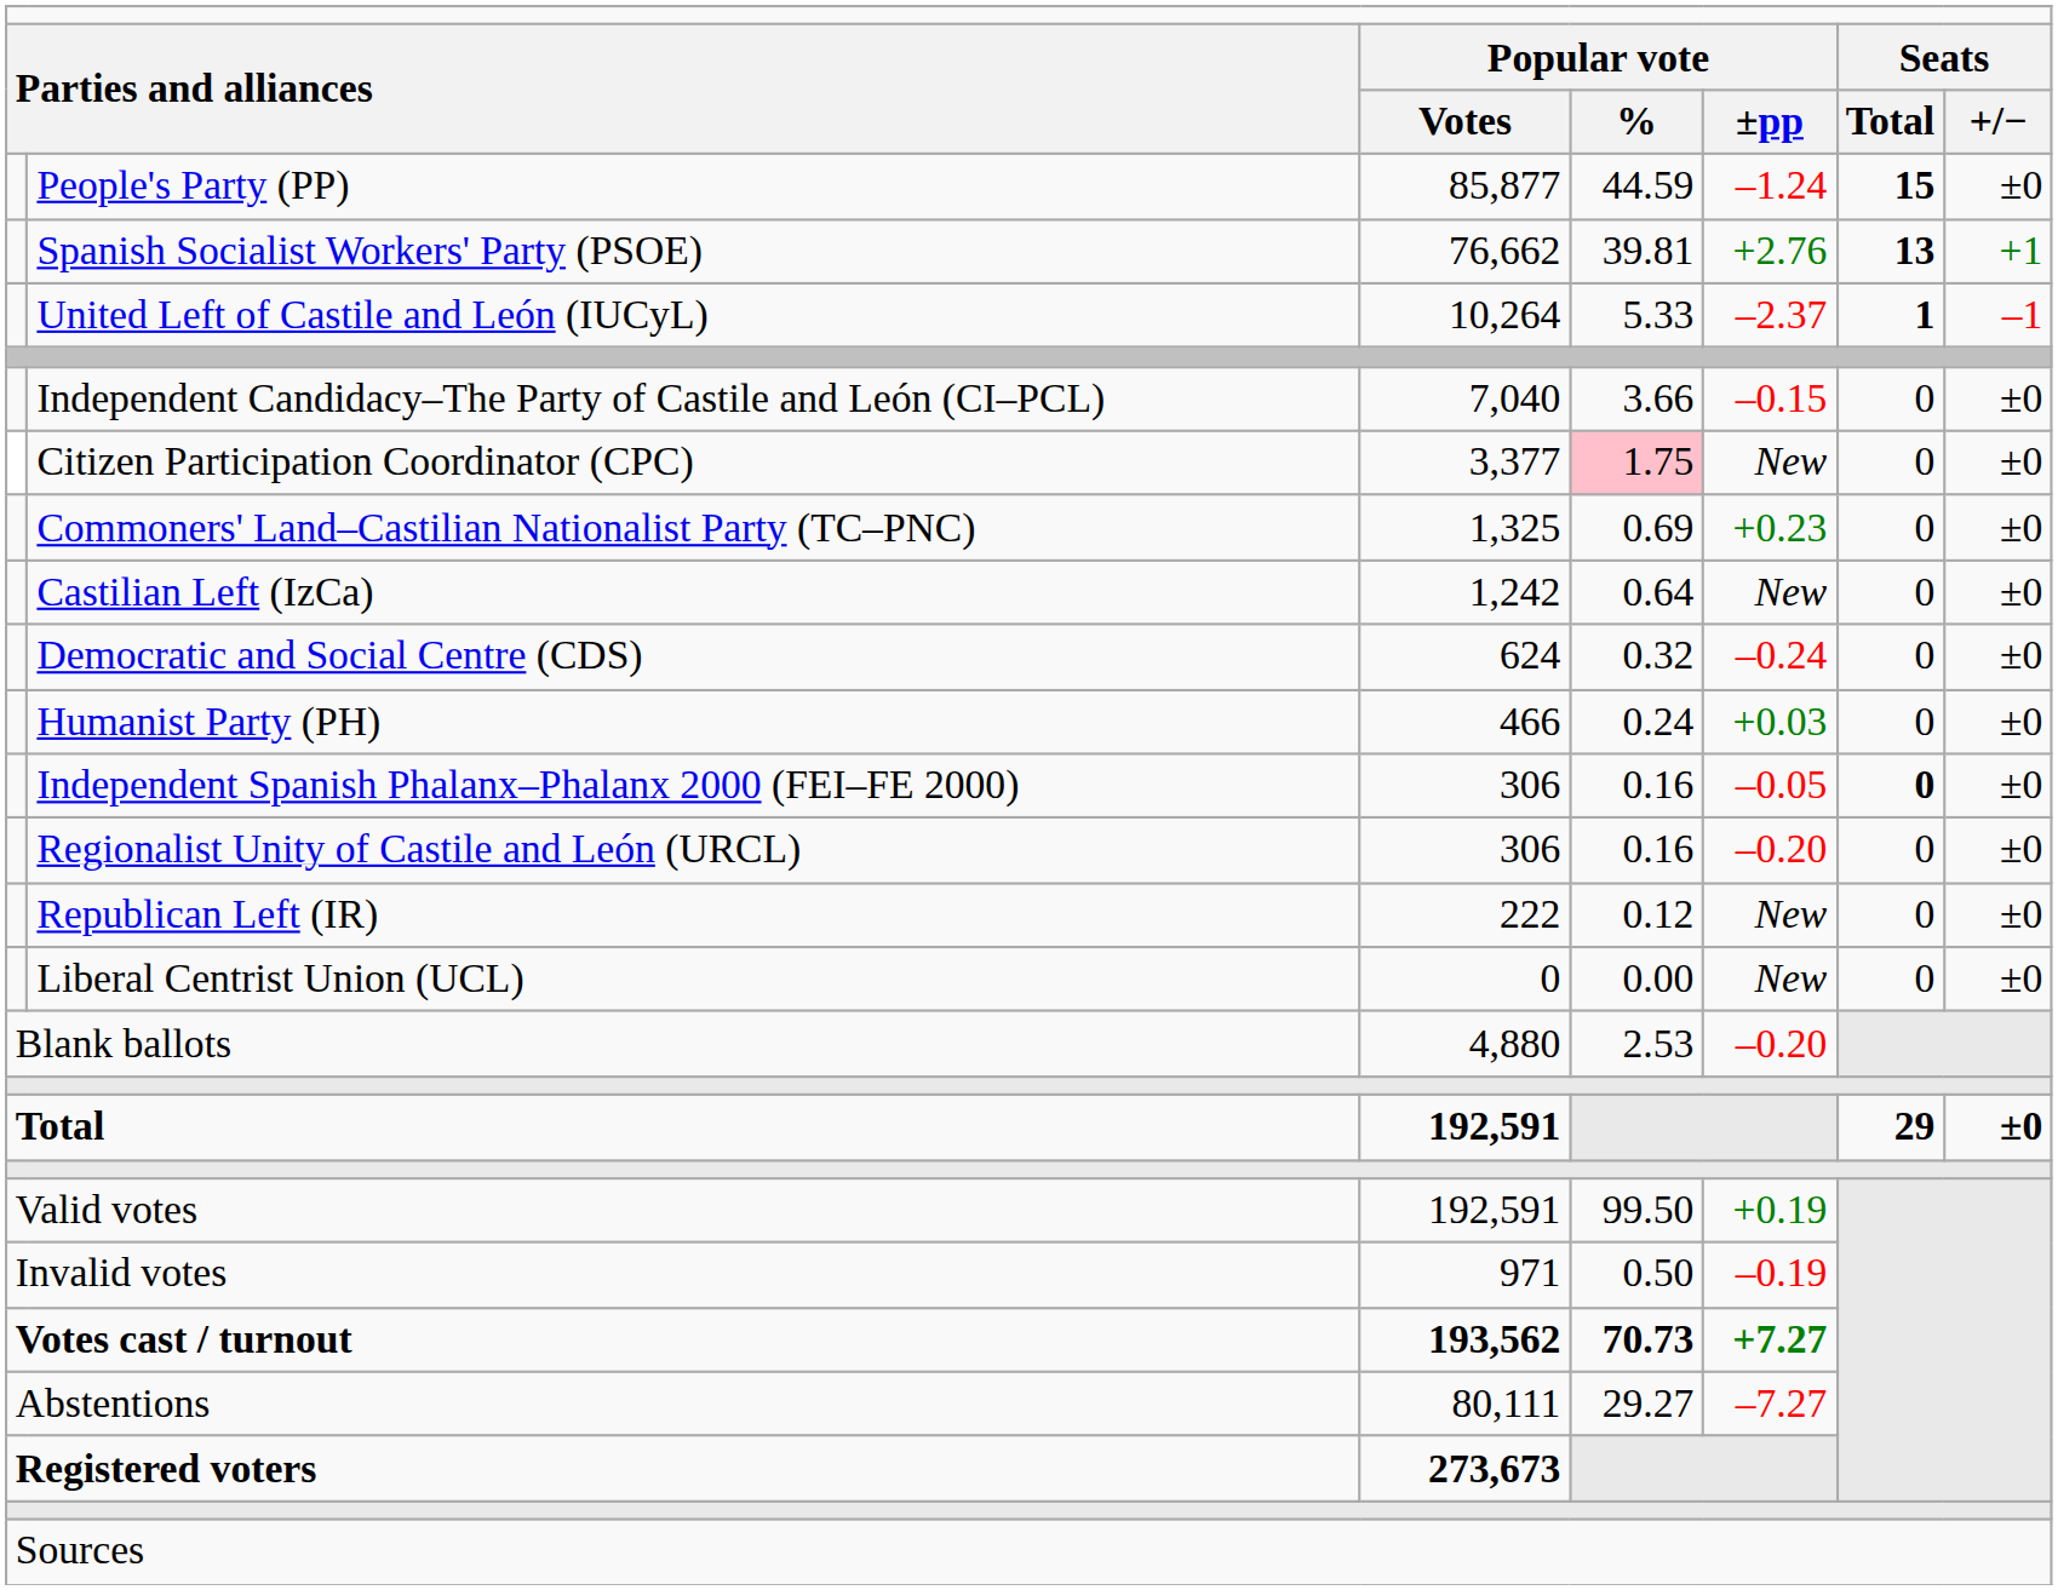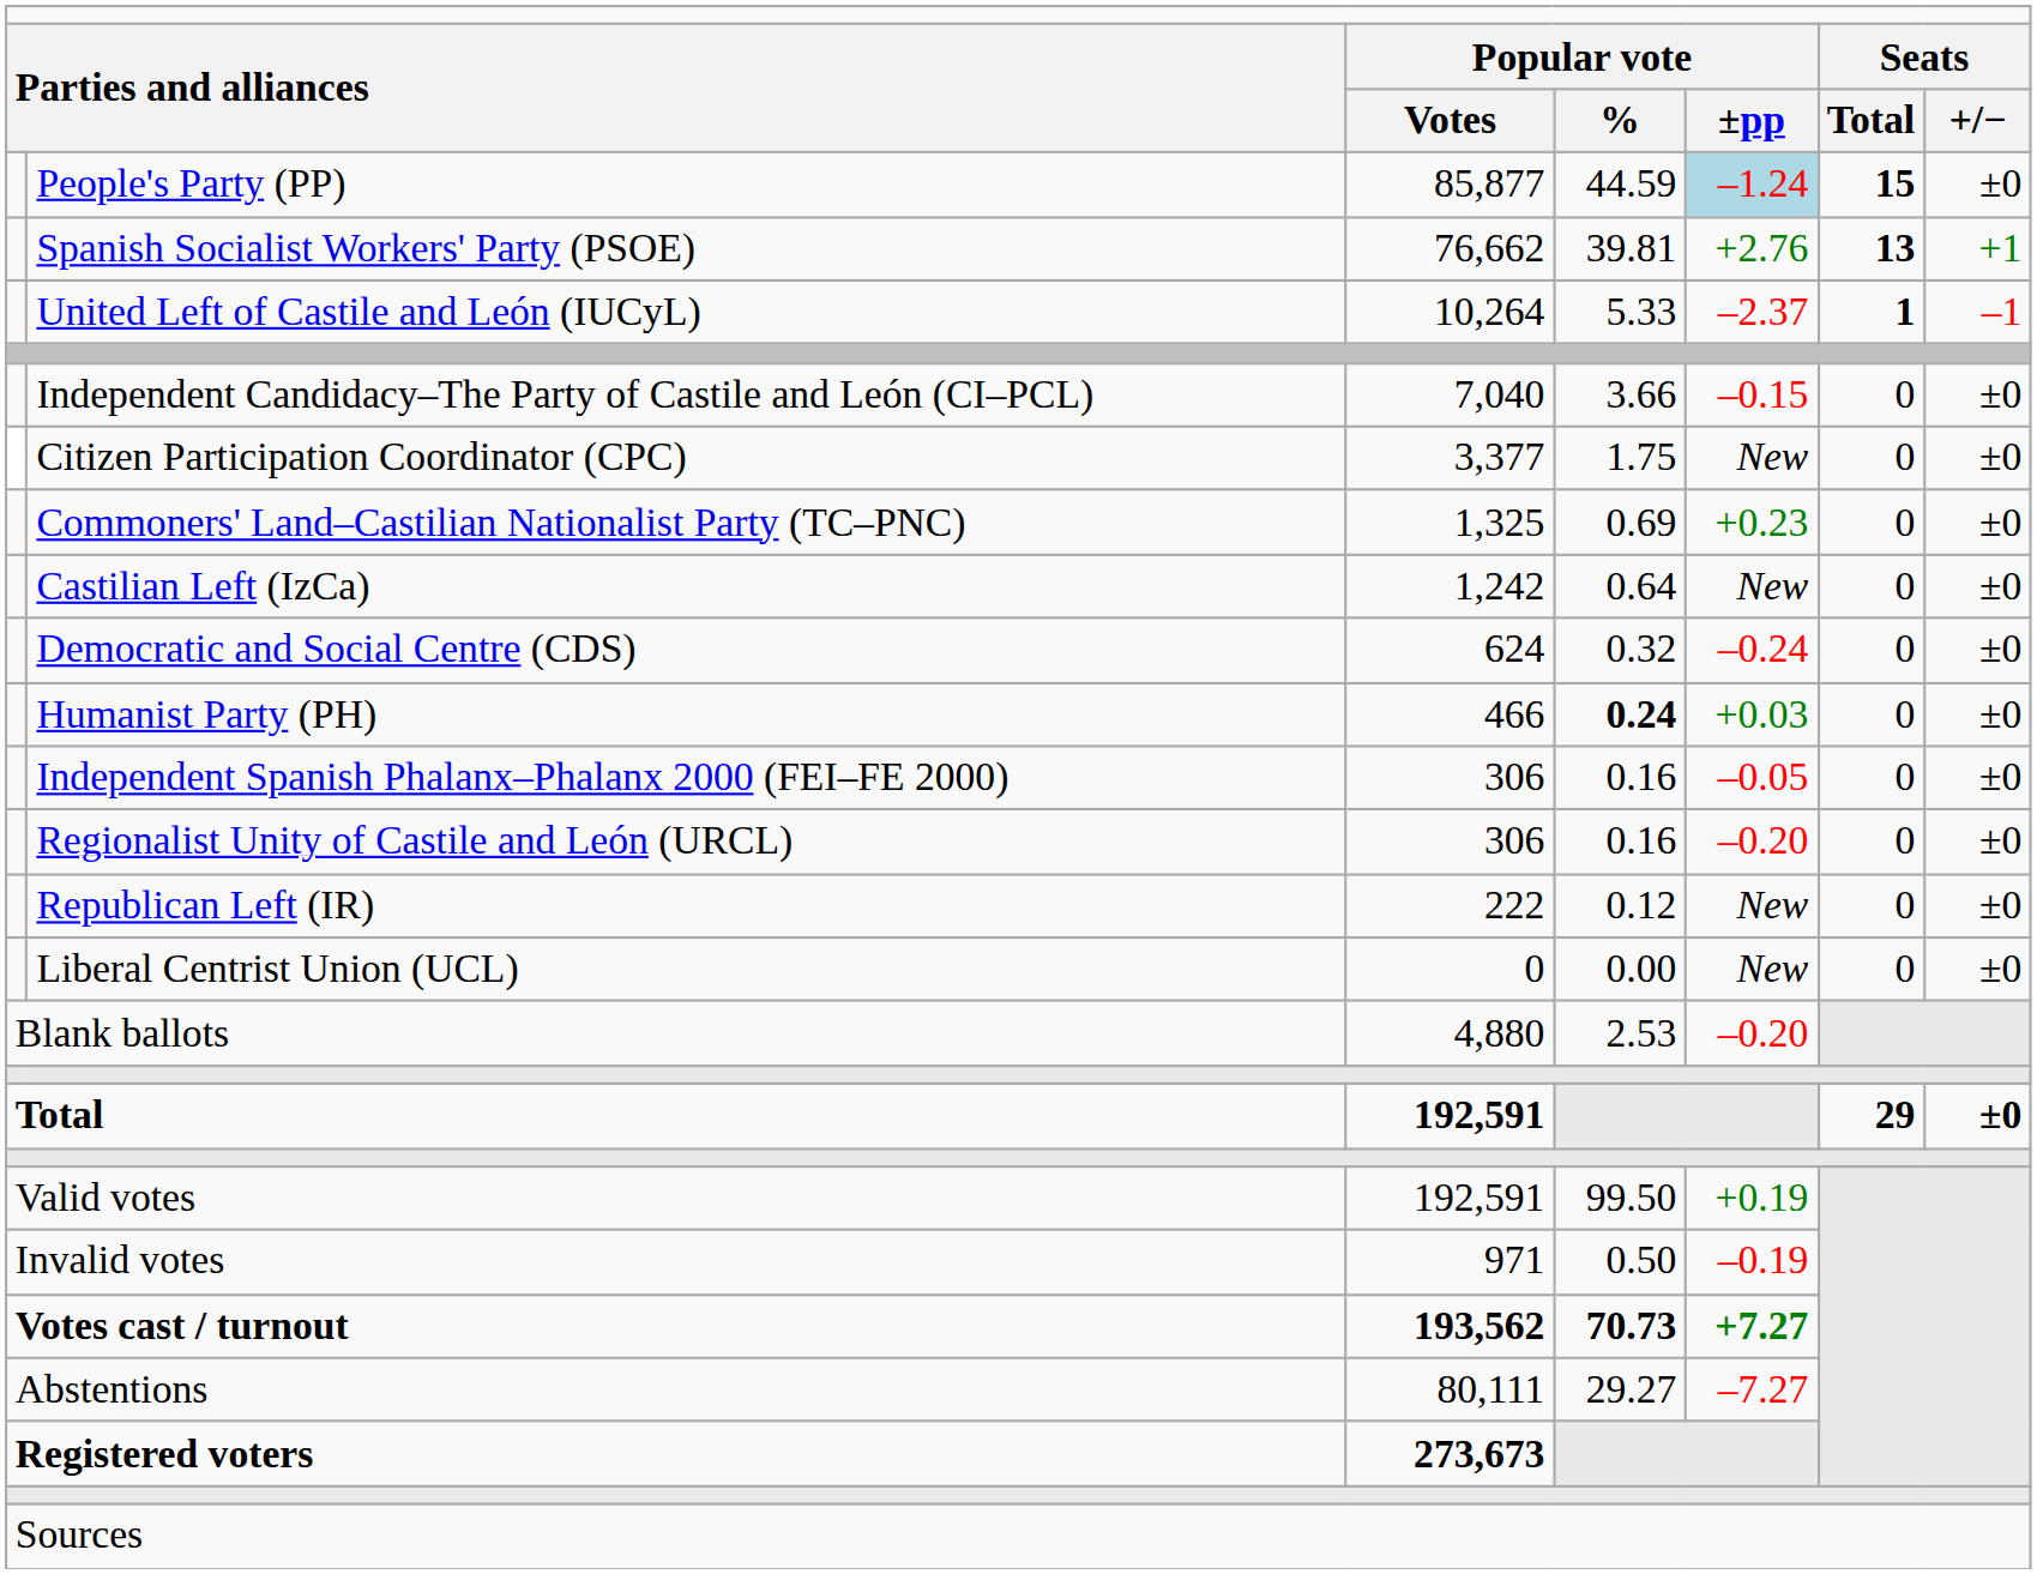 <table class="wikitable" style="text-align:right;">
 <tr>
 <td colspan="7"></td>
 </tr>
 <tr>
 <th style="text-align:left;" rowspan="2" colspan="2" width="525">Parties and alliances</th>
 <th colspan="3">Popular vote</th>
 <th colspan="2">Seats</th>
 </tr>
 <tr>
 <th width="75">Votes</th>
 <th width="45">%</th>
 <th width="45">±<a href='#'>pp</a></th>
 <th width="35">Total</th>
 <th width="35">+/−</th>
 </tr>
 <tr>
 <td width="1" style="color:inherit;background:"></td>
 <td align="left"><a href='#'>People's Party</a> (PP)</td>
 <td>85,877</td>
 <td>44.59</td>
-<td style="color:red;">–1.24</td>
+<td style="background: lightblue; color:red;">–1.24</td>
 <td><strong>15</strong></td>
 <td>±0</td>
 </tr>
 <tr>
 <td style="color:inherit;background:"></td>
 <td align="left"><a href='#'>Spanish Socialist Workers' Party</a> (PSOE)</td>
 <td>76,662</td>
 <td>39.81</td>
 <td style="color:green;">+2.76</td>
 <td><strong>13</strong></td>
 <td style="color:green;">+1</td>
 </tr>
 <tr>
 <td style="color:inherit;background:"></td>
 <td align="left"><a href='#'>United Left of Castile and León</a> (IUCyL)</td>
 <td>10,264</td>
 <td>5.33</td>
 <td style="color:red;">–2.37</td>
 <td><strong>1</strong></td>
 <td style="color:red;">–1</td>
 </tr>
 <tr>
 <td colspan="7" bgcolor="#C0C0C0"></td>
 </tr>
 <tr>
 <td style="color:inherit;background:"></td>
 <td align="left">Independent Candidacy–The Party of Castile and León (CI–PCL)</td>
 <td>7,040</td>
 <td>3.66</td>
 <td style="color:red;">–0.15</td>
 <td>0</td>
 <td>±0</td>
 </tr>
 <tr>
 <td bgcolor="white"></td>
 <td align="left">Citizen Participation Coordinator (CPC)</td>
 <td>3,377</td>
-<td style="background: pink;">1.75</td>
+<td>1.75</td>
 <td><em>New</em></td>
 <td>0</td>
 <td>±0</td>
 </tr>
 <tr>
 <td style="color:inherit;background:"></td>
 <td align="left"><a href='#'>Commoners' Land–Castilian Nationalist Party</a> (TC–PNC)</td>
 <td>1,325</td>
 <td>0.69</td>
 <td style="color:green;">+0.23</td>
 <td>0</td>
 <td>±0</td>
 </tr>
 <tr>
 <td style="color:inherit;background:"></td>
 <td align="left"><a href='#'>Castilian Left</a> (IzCa)</td>
 <td>1,242</td>
 <td>0.64</td>
 <td><em>New</em></td>
 <td>0</td>
 <td>±0</td>
 </tr>
 <tr>
 <td style="color:inherit;background:"></td>
 <td align="left"><a href='#'>Democratic and Social Centre</a> (CDS)</td>
 <td>624</td>
 <td>0.32</td>
 <td style="color:red;">–0.24</td>
 <td>0</td>
 <td>±0</td>
 </tr>
 <tr>
 <td style="color:inherit;background:"></td>
 <td align="left"><a href='#'>Humanist Party</a> (PH)</td>
 <td>466</td>
-<td>0.24</td>
+<td><strong>0.24</strong></td>
 <td style="color:green;">+0.03</td>
 <td>0</td>
 <td>±0</td>
 </tr>
 <tr>
 <td style="color:inherit;background:"></td>
 <td align="left"><a href='#'>Independent Spanish Phalanx–Phalanx 2000</a> (FEI–FE 2000)</td>
 <td>306</td>
 <td>0.16</td>
 <td style="color:red;">–0.05</td>
-<td><strong>0</strong></td>
+<td>0</td>
 <td>±0</td>
 </tr>
 <tr>
 <td style="color:inherit;background:"></td>
 <td align="left"><a href='#'>Regionalist Unity of Castile and León</a> (URCL)</td>
 <td>306</td>
 <td>0.16</td>
 <td style="color:red;">–0.20</td>
 <td>0</td>
 <td>±0</td>
 </tr>
 <tr>
 <td style="color:inherit;background:"></td>
 <td align="left"><a href='#'>Republican Left</a> (IR)</td>
 <td>222</td>
 <td>0.12</td>
 <td><em>New</em></td>
 <td>0</td>
 <td>±0</td>
 </tr>
 <tr>
 <td style="color:inherit;background:"></td>
 <td align="left">Liberal Centrist Union (UCL)</td>
 <td>0</td>
 <td>0.00</td>
 <td><em>New</em></td>
 <td>0</td>
 <td>±0</td>
 </tr>
 <tr>
 <td align="left" colspan="2">Blank ballots</td>
 <td>4,880</td>
 <td>2.53</td>
 <td style="color:red;">–0.20</td>
 <td bgcolor="#E9E9E9" colspan="2"></td>
 </tr>
 <tr>
 <td colspan="7" bgcolor="#E9E9E9"></td>
 </tr>
 <tr style="font-weight:bold;">
 <td align="left" colspan="2">Total</td>
 <td>192,591</td>
 <td bgcolor="#E9E9E9" colspan="2"></td>
 <td>29</td>
 <td>±0</td>
 </tr>
 <tr>
 <td colspan="7" bgcolor="#E9E9E9"></td>
 </tr>
 <tr>
 <td align="left" colspan="2">Valid votes</td>
 <td>192,591</td>
 <td>99.50</td>
 <td style="color:green;">+0.19</td>
 <td bgcolor="#E9E9E9" colspan="2" rowspan="5"></td>
 </tr>
 <tr>
 <td align="left" colspan="2">Invalid votes</td>
 <td>971</td>
 <td>0.50</td>
 <td style="color:red;">–0.19</td>
 </tr>
 <tr style="font-weight:bold;">
 <td align="left" colspan="2">Votes cast / turnout</td>
 <td>193,562</td>
 <td>70.73</td>
 <td style="color:green;">+7.27</td>
 </tr>
 <tr>
 <td align="left" colspan="2">Abstentions</td>
 <td>80,111</td>
 <td>29.27</td>
 <td style="color:red;">–7.27</td>
 </tr>
 <tr style="font-weight:bold;">
 <td align="left" colspan="2">Registered voters</td>
 <td>273,673</td>
 <td bgcolor="#E9E9E9" colspan="2"></td>
 </tr>
 <tr>
 <td colspan="7" bgcolor="#E9E9E9"></td>
 </tr>
 <tr>
 <td align="left" colspan="7">Sources</td>
 </tr>
 </table>
